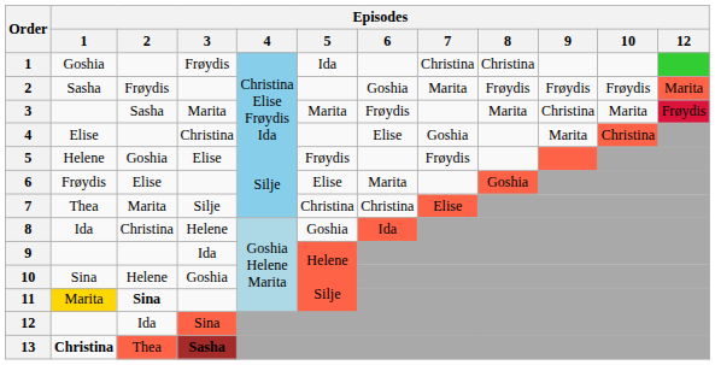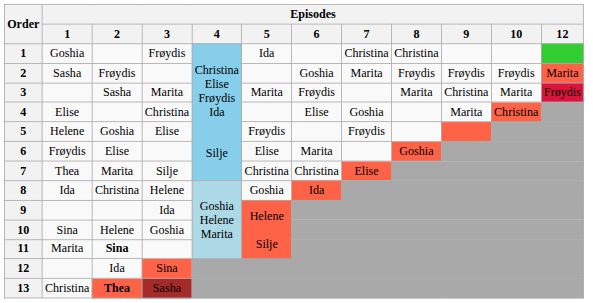 <table class="wikitable" style="text-align:center; font-size:92%">
 <tr>
 <th rowspan="2">Order</th>
 <th colspan="11">Episodes</th>
 </tr>
 <tr>
 <th>1</th>
 <th>2</th>
 <th>3</th>
 <th>4</th>
 <th>5</th>
 <th>6</th>
 <th>7</th>
 <th>8</th>
 <th>9</th>
 <th>10</th>
 <th>12</th>
 </tr>
 <tr>
 <th>1</th>
 <td>Goshia</td>
 <td></td>
 <td>Frøydis</td>
 <td rowspan="7" style="background:skyblue;">Christina <br>Elise <br> Frøydis <br> Ida <br><br> <br>Silje</td>
 <td>Ida</td>
 <td></td>
 <td>Christina</td>
 <td>Christina</td>
 <td></td>
 <td></td>
 <td style="background:limegreen;"></td>
 </tr>
 <tr>
 <th>2</th>
 <td>Sasha</td>
 <td>Frøydis</td>
 <td></td>
 <td></td>
 <td>Goshia</td>
 <td>Marita</td>
 <td>Frøydis</td>
 <td>Frøydis</td>
 <td>Frøydis</td>
 <td style="background:tomato;">Marita</td>
 </tr>
 <tr>
 <th>3</th>
 <td></td>
 <td>Sasha</td>
 <td>Marita</td>
 <td>Marita</td>
 <td>Frøydis</td>
 <td></td>
 <td>Marita</td>
 <td>Christina</td>
 <td>Marita</td>
 <td style="background:crimson"><span>Frøydis</span></td>
 </tr>
 <tr>
 <th>4</th>
 <td>Elise</td>
 <td></td>
 <td>Christina</td>
 <td></td>
 <td>Elise</td>
 <td>Goshia</td>
 <td></td>
 <td>Marita</td>
 <td style="background:tomato;">Christina</td>
 <td style="background:darkgray"></td>
 </tr>
 <tr>
 <th>5</th>
 <td>Helene</td>
 <td>Goshia</td>
 <td>Elise</td>
 <td>Frøydis</td>
 <td></td>
 <td>Frøydis</td>
 <td></td>
 <td style="background:tomato;"></td>
 <td style="background:darkgray" colspan="2"></td>
 </tr>
 <tr>
 <th>6</th>
 <td>Frøydis</td>
 <td>Elise</td>
 <td></td>
 <td>Elise</td>
 <td>Marita</td>
 <td></td>
 <td style="background:tomato;">Goshia</td>
 <td style="background:darkgray" colspan="3"></td>
 </tr>
 <tr>
 <th>7</th>
 <td>Thea</td>
 <td>Marita</td>
 <td>Silje</td>
 <td>Christina</td>
 <td>Christina</td>
 <td style="background:tomato;">Elise</td>
 <td style="background:darkgray" colspan="4"></td>
 </tr>
 <tr>
 <th>8</th>
 <td>Ida</td>
 <td>Christina</td>
 <td>Helene</td>
 <td style="background:lightblue;" rowspan="4">Goshia<br>Helene<br>Marita<br></td>
 <td>Goshia</td>
 <td style="background:tomato;">Ida</td>
 <td style="background:darkgray" colspan="5"></td>
 </tr>
 <tr>
 <th>9</th>
 <td></td>
 <td></td>
 <td>Ida</td>
 <td style="background:tomato;" rowspan="3">Helene<br><br>Silje</td>
 <td style="background:darkgray" colspan="6"></td>
 </tr>
 <tr>
 <th>10</th>
 <td>Sina</td>
 <td>Helene</td>
 <td>Goshia</td>
 <td style="background:darkgray" colspan="6"></td>
 </tr>
 <tr>
 <th>11</th>
-<td style="background: gold;">Marita</td>
+<td>Marita</td>
 <td><strong>Sina</strong></td>
 <td></td>
 <td style="background:darkgray" colspan="6"></td>
 </tr>
 <tr>
 <th>12</th>
 <td></td>
 <td>Ida</td>
 <td style="background:tomato;">Sina</td>
 <td style="background:darkgray" colspan="8"></td>
 </tr>
 <tr>
 <th>13</th>
-<td><strong>Christina</strong></td>
-<td style="background:tomato;">Thea</td>
-<td style="background:brown;"><strong><span>Sasha</span></strong></td>
+<td>Christina</td>
+<td style="background:tomato;"><strong>Thea</strong></td>
+<td style="background:brown;"><span>Sasha</span></td>
 <td style="background:darkgray" colspan="8"></td>
 </tr>
 </table>
